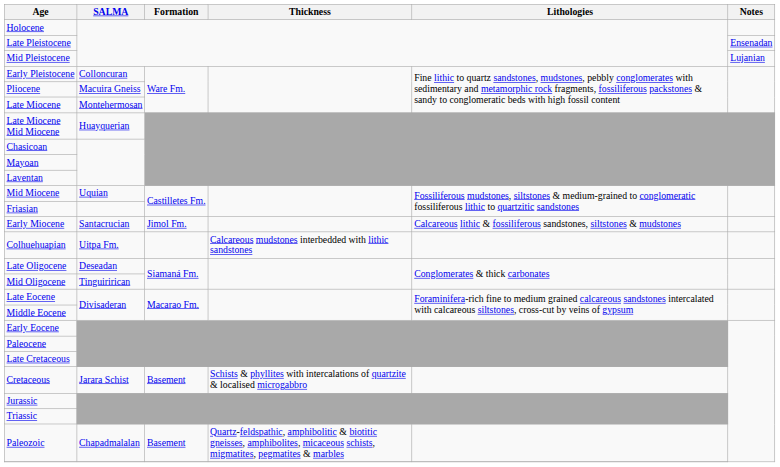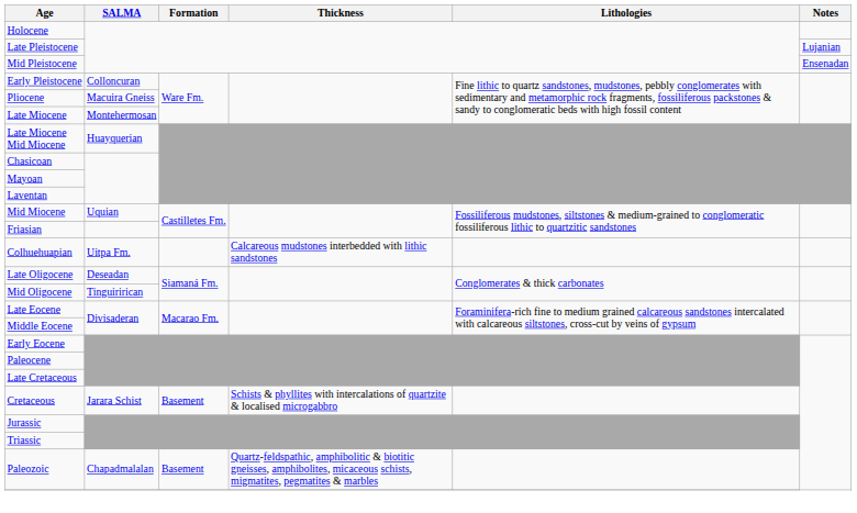 <table class="wikitable sortable mw-collapsible" width=100%>
 <tr>
 <th>Age</th>
 <th><a href='#'>SALMA</a></th>
 <th>Formation</th>
 <th>Thickness</th>
 <th>Lithologies</th>
 <th class=unsortable>Notes</th>
 </tr>
 <tr>
 <td style="background-color: "><a href='#'>Holocene</a></td>
 <td rowspan=3 colspan=4></td>
 </tr>
 <tr>
 <td style="background-color: "><a href='#'>Late Pleistocene</a></td>
-<td><a href='#'>Ensenadan</a></td>
+<td><a href='#'>Lujanian</a></td>
 </tr>
 <tr>
 <td style="background-color: "><a href='#'>Mid Pleistocene</a></td>
-<td><a href='#'>Lujanian</a></td>
+<td><a href='#'>Ensenadan</a></td>
 </tr>
 <tr>
 <td style="background-color: "><a href='#'>Early Pleistocene</a></td>
 <td><a href='#'>Colloncuran</a></td>
 <td rowspan=3><a href='#'>Ware Fm.</a></td>
 <td rowspan=3></td>
 <td rowspan=3>Fine <a href='#'>lithic</a> to quartz <a href='#'>sandstones</a>, <a href='#'>mudstones</a>, pebbly <a href='#'>conglomerates</a> with sedimentary and <a href='#'>metamorphic rock</a> fragments, <a href='#'>fossiliferous</a> <a href='#'>packstones</a> & sandy to conglomeratic beds with high fossil content</td>
 <td rowspan=3></td>
 </tr>
 <tr>
 <td style="background-color: "><a href='#'>Pliocene</a></td>
 <td><a href='#'>Macuira Gneiss</a></td>
 </tr>
 <tr>
 <td style="background-color: "><a href='#'>Late Miocene</a></td>
 <td><a href='#'>Montehermosan</a></td>
 </tr>
 <tr>
 <td style="background-color: "><a href='#'>Late Miocene</a><br><a href='#'>Mid Miocene</a></td>
 <td><a href='#'>Huayquerian</a></td>
 <td style="background-color: darkgrey;" rowspan=4 colspan=4></td>
 </tr>
 <tr>
 <td><a href='#'>Chasicoan</a></td>
 </tr>
 <tr>
 <td><a href='#'>Mayoan</a></td>
 </tr>
 <tr>
 <td><a href='#'>Laventan</a></td>
 </tr>
 <tr>
 <td style="background-color: "><a href='#'>Mid Miocene</a></td>
 <td><a href='#'>Uquian</a></td>
 <td rowspan=2><a href='#'>Castilletes Fm.</a></td>
 <td rowspan=2></td>
 <td rowspan=2><a href='#'>Fossiliferous</a> <a href='#'>mudstones</a>, <a href='#'>siltstones</a> & medium-grained to <a href='#'>conglomeratic</a> fossiliferous <a href='#'>lithic</a> to <a href='#'>quartzitic</a> <a href='#'>sandstones</a></td>
 <td rowspan=2></td>
 </tr>
 <tr>
 <td><a href='#'>Friasian</a></td>
-</tr>
-<tr>
-<td style="background-color: "><a href='#'>Early Miocene</a></td>
-<td><a href='#'>Santacrucian</a></td>
-<td><a href='#'>Jimol Fm.</a></td>
-<td></td>
-<td><a href='#'>Calcareous</a> <a href='#'>lithic</a> & <a href='#'>fossiliferous</a> sandstones, <a href='#'>siltstones</a> & <a href='#'>mudstones</a></td>
-<td></td>
 </tr>
 <tr>
 <td><a href='#'>Colhuehuapian</a></td>
 <td><a href='#'>Uitpa Fm.</a></td>
 <td></td>
 <td><a href='#'>Calcareous</a> <a href='#'>mudstones</a> interbedded with <a href='#'>lithic sandstones</a></td>
 <td></td>
 </tr>
 <tr>
 <td style="background-color: "><a href='#'>Late Oligocene</a></td>
 <td><a href='#'>Deseadan</a></td>
 <td rowspan=2><a href='#'>Siamaná Fm.</a></td>
 <td rowspan=2></td>
 <td rowspan=2><a href='#'>Conglomerates</a> & thick <a href='#'>carbonates</a></td>
 <td rowspan=2></td>
 </tr>
 <tr>
 <td style="background-color: "><a href='#'>Mid Oligocene</a></td>
 <td><a href='#'>Tinguirirican</a></td>
 </tr>
 <tr>
 <td style="background-color: "><a href='#'>Late Eocene</a></td>
 <td rowspan=2><a href='#'>Divisaderan</a></td>
 <td rowspan=2><a href='#'>Macarao Fm.</a></td>
 <td rowspan=2></td>
 <td rowspan=2><a href='#'>Foraminifera</a>-rich fine to medium grained <a href='#'>calcareous</a> <a href='#'>sandstones</a> intercalated with calcareous <a href='#'>siltstones</a>, cross-cut by veins of <a href='#'>gypsum</a></td>
 <td rowspan=2></td>
 </tr>
 <tr>
 <td style="background-color: "><a href='#'>Middle Eocene</a></td>
 </tr>
 <tr>
 <td style="background-color: "><a href='#'>Early Eocene</a></td>
 <td style="background-color: darkgrey;" rowspan=3 colspan=4></td>
 </tr>
 <tr>
 <td style="background-color: "><a href='#'>Paleocene</a></td>
 </tr>
 <tr>
 <td style="background-color: "><a href='#'>Late Cretaceous</a></td>
 </tr>
 <tr>
 <td style="background-color: "><a href='#'>Cretaceous</a></td>
 <td><a href='#'>Jarara Schist</a></td>
 <td><a href='#'>Basement</a></td>
 <td><a href='#'>Schists</a> & <a href='#'>phyllites</a> with intercalations of <a href='#'>quartzite</a> & localised <a href='#'>microgabbro</a></td>
 <td></td>
 </tr>
 <tr>
 <td style="background-color: "><a href='#'>Jurassic</a></td>
 <td style="background-color: darkgrey;" rowspan=2 colspan=4></td>
 </tr>
 <tr>
 <td style="background-color: "><a href='#'>Triassic</a></td>
 </tr>
 <tr>
 <td style="background-color: "><a href='#'>Paleozoic</a></td>
 <td><a href='#'>Chapadmalalan</a></td>
 <td><a href='#'>Basement</a></td>
 <td><a href='#'>Quartz</a>-<a href='#'>feldspathic</a>, <a href='#'>amphibolitic</a> & <a href='#'>biotitic</a> <a href='#'>gneisses</a>, <a href='#'>amphibolites</a>, <a href='#'>micaceous</a> <a href='#'>schists</a>, <a href='#'>migmatites</a>, <a href='#'>pegmatites</a> & <a href='#'>marbles</a></td>
 <td></td>
 </tr>
 <tr>
 </tr>
 </table>
